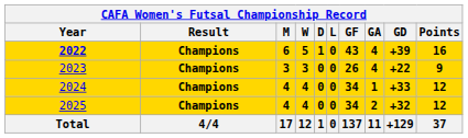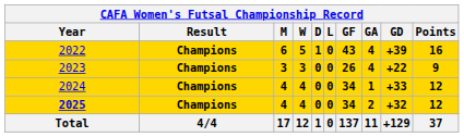 <table class="wikitable" style="text-align: center;font-size:100%;">
 <tr>
 <th colspan=10><a href='#'>CAFA Women's Futsal Championship Record</a></th>
 </tr>
 <tr>
 <th width=150>Year</th>
 <th width=150>Result</th>
 <th>M</th>
 <th>W</th>
 <th>D</th>
 <th>L</th>
 <th>GF</th>
 <th>GA</th>
 <th>GD</th>
 <th>Points</th>
 </tr>
 <tr bgcolor=gold>
-<td><strong> <a href='#'>2022</a></strong></td>
+<td> <a href='#'>2022</a></td>
 <td><strong>Champions</strong></td>
 <td><strong>6</strong></td>
 <td><strong>5</strong></td>
 <td><strong>1</strong></td>
 <td><strong>0</strong></td>
 <td><strong>43</strong></td>
 <td><strong>4</strong></td>
 <td><strong>+39</strong></td>
 <td><strong>16</strong></td>
 </tr>
 <tr bgcolor=gold>
 <td> <a href='#'>2023</a></td>
 <td><strong>Champions</strong></td>
 <td><strong>3</strong></td>
 <td><strong>3</strong></td>
 <td><strong>0</strong></td>
 <td><strong>0</strong></td>
 <td><strong>26</strong></td>
 <td><strong>4</strong></td>
 <td><strong>+22</strong></td>
 <td><strong>9</strong></td>
 </tr>
 <tr bgcolor=gold>
 <td> <a href='#'>2024</a></td>
 <td><strong>Champions</strong></td>
 <td><strong>4</strong></td>
 <td><strong>4</strong></td>
 <td><strong>0</strong></td>
 <td><strong>0</strong></td>
 <td><strong>34</strong></td>
 <td><strong>1</strong></td>
 <td><strong>+33</strong></td>
 <td><strong>12</strong></td>
 </tr>
 <tr bgcolor=gold>
-<td> <a href='#'>2025</a></td>
+<td><strong> <a href='#'>2025</a></strong></td>
 <td><strong>Champions</strong></td>
 <td><strong>4</strong></td>
 <td><strong>4</strong></td>
 <td><strong>0</strong></td>
 <td><strong>0</strong></td>
 <td><strong>34</strong></td>
 <td><strong>2</strong></td>
 <td><strong>+32</strong></td>
 <td><strong>12</strong></td>
 </tr>
 <tr>
 <th><strong>Total</strong></th>
 <th>4/4</th>
 <th>17</th>
 <th>12</th>
 <th>1</th>
 <th>0</th>
 <th>137</th>
 <th>11</th>
 <th>+129</th>
 <th>37</th>
 </tr>
 </table>
